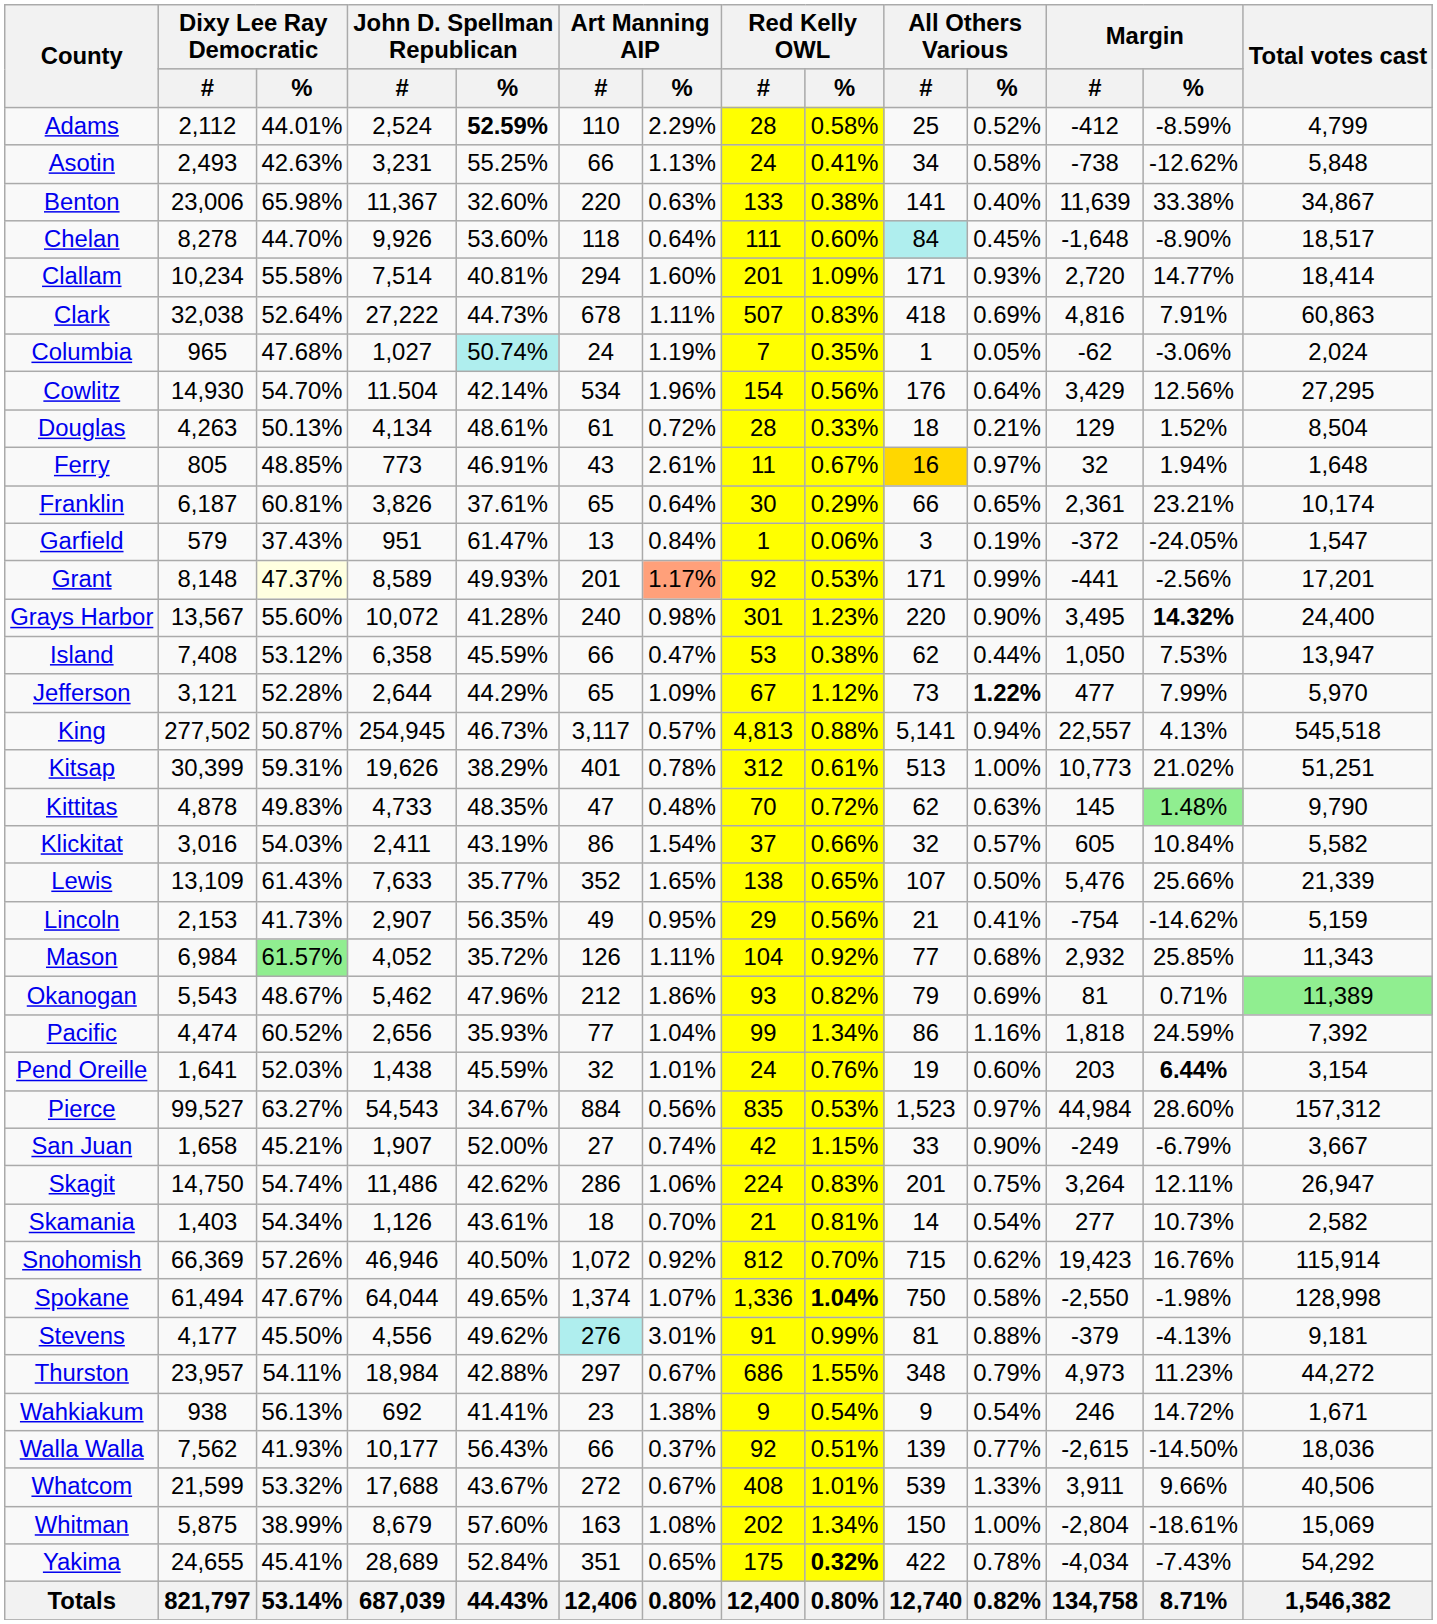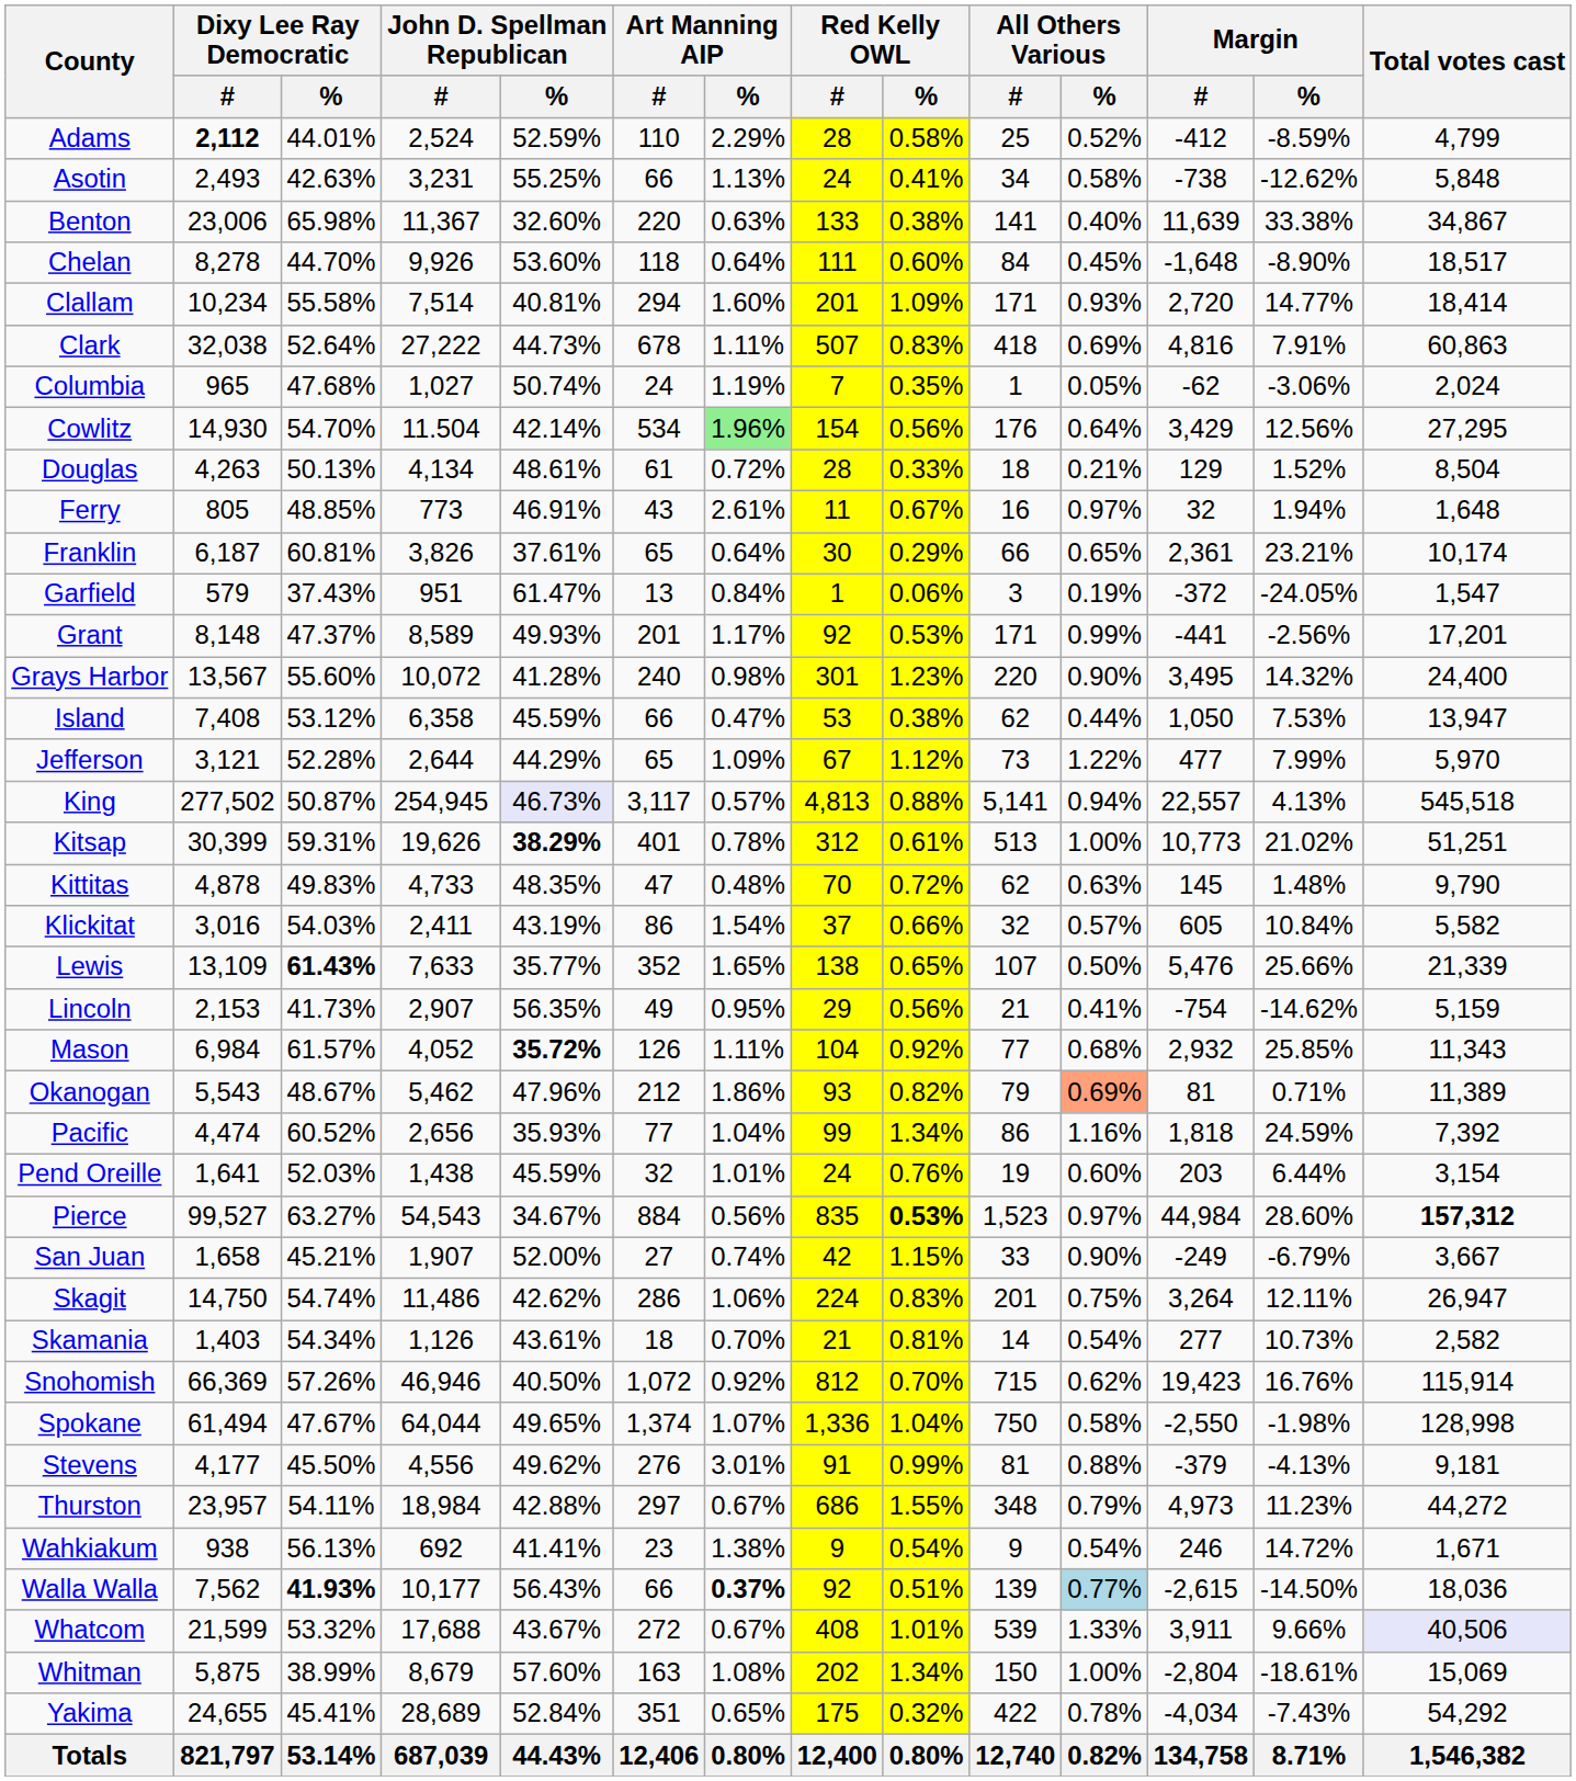 <table class="wikitable sortable">
 <tr>
 <th style="text-align:center;" rowspan="2">County</th>
 <th style="text-align:center;" colspan="2">Dixy Lee Ray<br>Democratic</th>
 <th style="text-align:center;" colspan="2">John D. Spellman<br>Republican</th>
 <th style="text-align:center;" colspan="2">Art Manning<br>AIP</th>
 <th style="text-align:center;" colspan="2">Red Kelly<br>OWL</th>
 <th style="text-align:center;" colspan="2">All Others<br>Various</th>
 <th style="text-align:center;" colspan="2">Margin</th>
 <th style="text-align:center;" rowspan="2">Total votes cast</th>
 </tr>
 <tr bgcolor="lightgrey">
 <th style="text-align:center;" data-sort-type="number">#</th>
 <th style="text-align:center;" data-sort-type="number">%</th>
 <th style="text-align:center;" data-sort-type="number">#</th>
 <th style="text-align:center;" data-sort-type="number">%</th>
 <th style="text-align:center;" data-sort-type="number">#</th>
 <th style="text-align:center;" data-sort-type="number">%</th>
 <th style="text-align:center;" data-sort-type="number">#</th>
 <th style="text-align:center;" data-sort-type="number">%</th>
 <th style="text-align:center;" data-sort-type="number">#</th>
 <th style="text-align:center;" data-sort-type="number">%</th>
 <th style="text-align:center;" data-sort-type="number">#</th>
 <th style="text-align:center;" data-sort-type="number">%</th>
 </tr>
 <tr style="text-align:center;">
 <td><a href='#'>Adams</a></td>
-<td>2,112</td>
+<td><strong>2,112</strong></td>
 <td>44.01%</td>
 <td>2,524</td>
-<td><strong>52.59%</strong></td>
+<td>52.59%</td>
 <td>110</td>
 <td>2.29%</td>
 <td bgcolor="yellow">28</td>
 <td bgcolor="yellow">0.58%</td>
 <td>25</td>
 <td>0.52%</td>
 <td>-412</td>
 <td>-8.59%</td>
 <td>4,799</td>
 </tr>
 <tr style="text-align:center;">
 <td><a href='#'>Asotin</a></td>
 <td>2,493</td>
 <td>42.63%</td>
 <td>3,231</td>
 <td>55.25%</td>
 <td>66</td>
 <td>1.13%</td>
 <td bgcolor="yellow">24</td>
 <td bgcolor="yellow">0.41%</td>
 <td>34</td>
 <td>0.58%</td>
 <td>-738</td>
 <td>-12.62%</td>
 <td>5,848</td>
 </tr>
 <tr style="text-align:center;">
 <td><a href='#'>Benton</a></td>
 <td>23,006</td>
 <td>65.98%</td>
 <td>11,367</td>
 <td>32.60%</td>
 <td>220</td>
 <td>0.63%</td>
 <td bgcolor="yellow">133</td>
 <td bgcolor="yellow">0.38%</td>
 <td>141</td>
 <td>0.40%</td>
 <td>11,639</td>
 <td>33.38%</td>
 <td>34,867</td>
 </tr>
 <tr style="text-align:center;">
 <td><a href='#'>Chelan</a></td>
 <td>8,278</td>
 <td>44.70%</td>
 <td>9,926</td>
 <td>53.60%</td>
 <td>118</td>
 <td>0.64%</td>
 <td bgcolor="yellow">111</td>
 <td bgcolor="yellow">0.60%</td>
-<td style="background: paleturquoise;">84</td>
+<td>84</td>
 <td>0.45%</td>
 <td>-1,648</td>
 <td>-8.90%</td>
 <td>18,517</td>
 </tr>
 <tr style="text-align:center;">
 <td><a href='#'>Clallam</a></td>
 <td>10,234</td>
 <td>55.58%</td>
 <td>7,514</td>
 <td>40.81%</td>
 <td>294</td>
 <td>1.60%</td>
 <td bgcolor="yellow">201</td>
 <td bgcolor="yellow">1.09%</td>
 <td>171</td>
 <td>0.93%</td>
 <td>2,720</td>
 <td>14.77%</td>
 <td>18,414</td>
 </tr>
 <tr style="text-align:center;">
 <td><a href='#'>Clark</a></td>
 <td>32,038</td>
 <td>52.64%</td>
 <td>27,222</td>
 <td>44.73%</td>
 <td>678</td>
 <td>1.11%</td>
 <td bgcolor="yellow">507</td>
 <td bgcolor="yellow">0.83%</td>
 <td>418</td>
 <td>0.69%</td>
 <td>4,816</td>
 <td>7.91%</td>
 <td>60,863</td>
 </tr>
 <tr style="text-align:center;">
 <td><a href='#'>Columbia</a></td>
 <td>965</td>
 <td>47.68%</td>
 <td>1,027</td>
-<td style="background: paleturquoise;">50.74%</td>
+<td>50.74%</td>
 <td>24</td>
 <td>1.19%</td>
 <td bgcolor="yellow">7</td>
 <td bgcolor="yellow">0.35%</td>
 <td>1</td>
 <td>0.05%</td>
 <td>-62</td>
 <td>-3.06%</td>
 <td>2,024</td>
 </tr>
 <tr style="text-align:center;">
 <td><a href='#'>Cowlitz</a></td>
 <td>14,930</td>
 <td>54.70%</td>
 <td>11.504</td>
 <td>42.14%</td>
 <td>534</td>
-<td>1.96%</td>
+<td style="background: lightgreen;">1.96%</td>
 <td bgcolor="yellow">154</td>
 <td bgcolor="yellow">0.56%</td>
 <td>176</td>
 <td>0.64%</td>
 <td>3,429</td>
 <td>12.56%</td>
 <td>27,295</td>
 </tr>
 <tr style="text-align:center;">
 <td><a href='#'>Douglas</a></td>
 <td>4,263</td>
 <td>50.13%</td>
 <td>4,134</td>
 <td>48.61%</td>
 <td>61</td>
 <td>0.72%</td>
 <td bgcolor="yellow">28</td>
 <td bgcolor="yellow">0.33%</td>
 <td>18</td>
 <td>0.21%</td>
 <td>129</td>
 <td>1.52%</td>
 <td>8,504</td>
 </tr>
 <tr style="text-align:center;">
 <td><a href='#'>Ferry</a></td>
 <td>805</td>
 <td>48.85%</td>
 <td>773</td>
 <td>46.91%</td>
 <td>43</td>
 <td>2.61%</td>
 <td bgcolor="yellow">11</td>
 <td bgcolor="yellow">0.67%</td>
-<td style="background: gold;">16</td>
+<td>16</td>
 <td>0.97%</td>
 <td>32</td>
 <td>1.94%</td>
 <td>1,648</td>
 </tr>
 <tr style="text-align:center;">
 <td><a href='#'>Franklin</a></td>
 <td>6,187</td>
 <td>60.81%</td>
 <td>3,826</td>
 <td>37.61%</td>
 <td>65</td>
 <td>0.64%</td>
 <td bgcolor="yellow">30</td>
 <td bgcolor="yellow">0.29%</td>
 <td>66</td>
 <td>0.65%</td>
 <td>2,361</td>
 <td>23.21%</td>
 <td>10,174</td>
 </tr>
 <tr style="text-align:center;">
 <td><a href='#'>Garfield</a></td>
 <td>579</td>
 <td>37.43%</td>
 <td>951</td>
 <td>61.47%</td>
 <td>13</td>
 <td>0.84%</td>
 <td bgcolor="yellow">1</td>
 <td bgcolor="yellow">0.06%</td>
 <td>3</td>
 <td>0.19%</td>
 <td>-372</td>
 <td>-24.05%</td>
 <td>1,547</td>
 </tr>
 <tr style="text-align:center;">
 <td><a href='#'>Grant</a></td>
 <td>8,148</td>
-<td style="background: lightyellow;">47.37%</td>
+<td>47.37%</td>
 <td>8,589</td>
 <td>49.93%</td>
 <td>201</td>
-<td style="background: lightsalmon;">1.17%</td>
+<td>1.17%</td>
 <td bgcolor="yellow">92</td>
 <td bgcolor="yellow">0.53%</td>
 <td>171</td>
 <td>0.99%</td>
 <td>-441</td>
 <td>-2.56%</td>
 <td>17,201</td>
 </tr>
 <tr style="text-align:center;">
 <td><a href='#'>Grays Harbor</a></td>
 <td>13,567</td>
 <td>55.60%</td>
 <td>10,072</td>
 <td>41.28%</td>
 <td>240</td>
 <td>0.98%</td>
 <td bgcolor="yellow">301</td>
 <td bgcolor="yellow">1.23%</td>
 <td>220</td>
 <td>0.90%</td>
 <td>3,495</td>
-<td><strong>14.32%</strong></td>
+<td>14.32%</td>
 <td>24,400</td>
 </tr>
 <tr style="text-align:center;">
 <td><a href='#'>Island</a></td>
 <td>7,408</td>
 <td>53.12%</td>
 <td>6,358</td>
 <td>45.59%</td>
 <td>66</td>
 <td>0.47%</td>
 <td bgcolor="yellow">53</td>
 <td bgcolor="yellow">0.38%</td>
 <td>62</td>
 <td>0.44%</td>
 <td>1,050</td>
 <td>7.53%</td>
 <td>13,947</td>
 </tr>
 <tr style="text-align:center;">
 <td><a href='#'>Jefferson</a></td>
 <td>3,121</td>
 <td>52.28%</td>
 <td>2,644</td>
 <td>44.29%</td>
 <td>65</td>
 <td>1.09%</td>
 <td bgcolor="yellow">67</td>
 <td bgcolor="yellow">1.12%</td>
 <td>73</td>
-<td><strong>1.22%</strong></td>
+<td>1.22%</td>
 <td>477</td>
 <td>7.99%</td>
 <td>5,970</td>
 </tr>
 <tr style="text-align:center;">
 <td><a href='#'>King</a></td>
 <td>277,502</td>
 <td>50.87%</td>
 <td>254,945</td>
-<td>46.73%</td>
+<td style="background: lavender;">46.73%</td>
 <td>3,117</td>
 <td>0.57%</td>
 <td bgcolor="yellow">4,813</td>
 <td bgcolor="yellow">0.88%</td>
 <td>5,141</td>
 <td>0.94%</td>
 <td>22,557</td>
 <td>4.13%</td>
 <td>545,518</td>
 </tr>
 <tr style="text-align:center;">
 <td><a href='#'>Kitsap</a></td>
 <td>30,399</td>
 <td>59.31%</td>
 <td>19,626</td>
-<td>38.29%</td>
+<td><strong>38.29%</strong></td>
 <td>401</td>
 <td>0.78%</td>
 <td bgcolor="yellow">312</td>
 <td bgcolor="yellow">0.61%</td>
 <td>513</td>
 <td>1.00%</td>
 <td>10,773</td>
 <td>21.02%</td>
 <td>51,251</td>
 </tr>
 <tr style="text-align:center;">
 <td><a href='#'>Kittitas</a></td>
 <td>4,878</td>
 <td>49.83%</td>
 <td>4,733</td>
 <td>48.35%</td>
 <td>47</td>
 <td>0.48%</td>
 <td bgcolor="yellow">70</td>
 <td bgcolor="yellow">0.72%</td>
 <td>62</td>
 <td>0.63%</td>
 <td>145</td>
-<td style="background: lightgreen;">1.48%</td>
+<td>1.48%</td>
 <td>9,790</td>
 </tr>
 <tr style="text-align:center;">
 <td><a href='#'>Klickitat</a></td>
 <td>3,016</td>
 <td>54.03%</td>
 <td>2,411</td>
 <td>43.19%</td>
 <td>86</td>
 <td>1.54%</td>
 <td bgcolor="yellow">37</td>
 <td bgcolor="yellow">0.66%</td>
 <td>32</td>
 <td>0.57%</td>
 <td>605</td>
 <td>10.84%</td>
 <td>5,582</td>
 </tr>
 <tr style="text-align:center;">
 <td><a href='#'>Lewis</a></td>
 <td>13,109</td>
-<td>61.43%</td>
+<td><strong>61.43%</strong></td>
 <td>7,633</td>
 <td>35.77%</td>
 <td>352</td>
 <td>1.65%</td>
 <td bgcolor="yellow">138</td>
 <td bgcolor="yellow">0.65%</td>
 <td>107</td>
 <td>0.50%</td>
 <td>5,476</td>
 <td>25.66%</td>
 <td>21,339</td>
 </tr>
 <tr style="text-align:center;">
 <td><a href='#'>Lincoln</a></td>
 <td>2,153</td>
 <td>41.73%</td>
 <td>2,907</td>
 <td>56.35%</td>
 <td>49</td>
 <td>0.95%</td>
 <td bgcolor="yellow">29</td>
 <td bgcolor="yellow">0.56%</td>
 <td>21</td>
 <td>0.41%</td>
 <td>-754</td>
 <td>-14.62%</td>
 <td>5,159</td>
 </tr>
 <tr style="text-align:center;">
 <td><a href='#'>Mason</a></td>
 <td>6,984</td>
-<td style="background: lightgreen;">61.57%</td>
+<td>61.57%</td>
 <td>4,052</td>
-<td>35.72%</td>
+<td><strong>35.72%</strong></td>
 <td>126</td>
 <td>1.11%</td>
 <td bgcolor="yellow">104</td>
 <td bgcolor="yellow">0.92%</td>
 <td>77</td>
 <td>0.68%</td>
 <td>2,932</td>
 <td>25.85%</td>
 <td>11,343</td>
 </tr>
 <tr style="text-align:center;">
 <td><a href='#'>Okanogan</a></td>
 <td>5,543</td>
 <td>48.67%</td>
 <td>5,462</td>
 <td>47.96%</td>
 <td>212</td>
 <td>1.86%</td>
 <td bgcolor="yellow">93</td>
 <td bgcolor="yellow">0.82%</td>
 <td>79</td>
-<td>0.69%</td>
+<td style="background: lightsalmon;">0.69%</td>
 <td>81</td>
 <td>0.71%</td>
-<td style="background: lightgreen;">11,389</td>
+<td>11,389</td>
 </tr>
 <tr style="text-align:center;">
 <td><a href='#'>Pacific</a></td>
 <td>4,474</td>
 <td>60.52%</td>
 <td>2,656</td>
 <td>35.93%</td>
 <td>77</td>
 <td>1.04%</td>
 <td bgcolor="yellow">99</td>
 <td bgcolor="yellow">1.34%</td>
 <td>86</td>
 <td>1.16%</td>
 <td>1,818</td>
 <td>24.59%</td>
 <td>7,392</td>
 </tr>
 <tr style="text-align:center;">
 <td><a href='#'>Pend Oreille</a></td>
 <td>1,641</td>
 <td>52.03%</td>
 <td>1,438</td>
 <td>45.59%</td>
 <td>32</td>
 <td>1.01%</td>
 <td bgcolor="yellow">24</td>
 <td bgcolor="yellow">0.76%</td>
 <td>19</td>
 <td>0.60%</td>
 <td>203</td>
-<td><strong>6.44%</strong></td>
+<td>6.44%</td>
 <td>3,154</td>
 </tr>
 <tr style="text-align:center;">
 <td><a href='#'>Pierce</a></td>
 <td>99,527</td>
 <td>63.27%</td>
 <td>54,543</td>
 <td>34.67%</td>
 <td>884</td>
 <td>0.56%</td>
 <td bgcolor="yellow">835</td>
-<td bgcolor="yellow">0.53%</td>
+<td bgcolor="yellow"><strong>0.53%</strong></td>
 <td>1,523</td>
 <td>0.97%</td>
 <td>44,984</td>
 <td>28.60%</td>
-<td>157,312</td>
+<td><strong>157,312</strong></td>
 </tr>
 <tr style="text-align:center;">
 <td><a href='#'>San Juan</a></td>
 <td>1,658</td>
 <td>45.21%</td>
 <td>1,907</td>
 <td>52.00%</td>
 <td>27</td>
 <td>0.74%</td>
 <td bgcolor="yellow">42</td>
 <td bgcolor="yellow">1.15%</td>
 <td>33</td>
 <td>0.90%</td>
 <td>-249</td>
 <td>-6.79%</td>
 <td>3,667</td>
 </tr>
 <tr style="text-align:center;">
 <td><a href='#'>Skagit</a></td>
 <td>14,750</td>
 <td>54.74%</td>
 <td>11,486</td>
 <td>42.62%</td>
 <td>286</td>
 <td>1.06%</td>
 <td bgcolor="yellow">224</td>
 <td bgcolor="yellow">0.83%</td>
 <td>201</td>
 <td>0.75%</td>
 <td>3,264</td>
 <td>12.11%</td>
 <td>26,947</td>
 </tr>
 <tr style="text-align:center;">
 <td><a href='#'>Skamania</a></td>
 <td>1,403</td>
 <td>54.34%</td>
 <td>1,126</td>
 <td>43.61%</td>
 <td>18</td>
 <td>0.70%</td>
 <td bgcolor="yellow">21</td>
 <td bgcolor="yellow">0.81%</td>
 <td>14</td>
 <td>0.54%</td>
 <td>277</td>
 <td>10.73%</td>
 <td>2,582</td>
 </tr>
 <tr style="text-align:center;">
 <td><a href='#'>Snohomish</a></td>
 <td>66,369</td>
 <td>57.26%</td>
 <td>46,946</td>
 <td>40.50%</td>
 <td>1,072</td>
 <td>0.92%</td>
 <td bgcolor="yellow">812</td>
 <td bgcolor="yellow">0.70%</td>
 <td>715</td>
 <td>0.62%</td>
 <td>19,423</td>
 <td>16.76%</td>
 <td>115,914</td>
 </tr>
 <tr style="text-align:center;">
 <td><a href='#'>Spokane</a></td>
 <td>61,494</td>
 <td>47.67%</td>
 <td>64,044</td>
 <td>49.65%</td>
 <td>1,374</td>
 <td>1.07%</td>
 <td bgcolor="yellow">1,336</td>
-<td bgcolor="yellow"><strong>1.04%</strong></td>
+<td bgcolor="yellow">1.04%</td>
 <td>750</td>
 <td>0.58%</td>
 <td>-2,550</td>
 <td>-1.98%</td>
 <td>128,998</td>
 </tr>
 <tr style="text-align:center;">
 <td><a href='#'>Stevens</a></td>
 <td>4,177</td>
 <td>45.50%</td>
 <td>4,556</td>
 <td>49.62%</td>
-<td style="background: paleturquoise;">276</td>
+<td>276</td>
 <td>3.01%</td>
 <td bgcolor="yellow">91</td>
 <td bgcolor="yellow">0.99%</td>
 <td>81</td>
 <td>0.88%</td>
 <td>-379</td>
 <td>-4.13%</td>
 <td>9,181</td>
 </tr>
 <tr style="text-align:center;">
 <td><a href='#'>Thurston</a></td>
 <td>23,957</td>
 <td>54.11%</td>
 <td>18,984</td>
 <td>42.88%</td>
 <td>297</td>
 <td>0.67%</td>
 <td bgcolor="yellow">686</td>
 <td bgcolor="yellow">1.55%</td>
 <td>348</td>
 <td>0.79%</td>
 <td>4,973</td>
 <td>11.23%</td>
 <td>44,272</td>
 </tr>
 <tr style="text-align:center;">
 <td><a href='#'>Wahkiakum</a></td>
 <td>938</td>
 <td>56.13%</td>
 <td>692</td>
 <td>41.41%</td>
 <td>23</td>
 <td>1.38%</td>
 <td bgcolor="yellow">9</td>
 <td bgcolor="yellow">0.54%</td>
 <td>9</td>
 <td>0.54%</td>
 <td>246</td>
 <td>14.72%</td>
 <td>1,671</td>
 </tr>
 <tr style="text-align:center;">
 <td><a href='#'>Walla Walla</a></td>
 <td>7,562</td>
-<td>41.93%</td>
+<td><strong>41.93%</strong></td>
 <td>10,177</td>
 <td>56.43%</td>
 <td>66</td>
-<td>0.37%</td>
+<td><strong>0.37%</strong></td>
 <td bgcolor="yellow">92</td>
 <td bgcolor="yellow">0.51%</td>
 <td>139</td>
-<td>0.77%</td>
+<td style="background: lightblue;">0.77%</td>
 <td>-2,615</td>
 <td>-14.50%</td>
 <td>18,036</td>
 </tr>
 <tr style="text-align:center;">
 <td><a href='#'>Whatcom</a></td>
 <td>21,599</td>
 <td>53.32%</td>
 <td>17,688</td>
 <td>43.67%</td>
 <td>272</td>
 <td>0.67%</td>
 <td bgcolor="yellow">408</td>
 <td bgcolor="yellow">1.01%</td>
 <td>539</td>
 <td>1.33%</td>
 <td>3,911</td>
 <td>9.66%</td>
-<td>40,506</td>
+<td style="background: lavender;">40,506</td>
 </tr>
 <tr style="text-align:center;">
 <td><a href='#'>Whitman</a></td>
 <td>5,875</td>
 <td>38.99%</td>
 <td>8,679</td>
 <td>57.60%</td>
 <td>163</td>
 <td>1.08%</td>
 <td bgcolor="yellow">202</td>
 <td bgcolor="yellow">1.34%</td>
 <td>150</td>
 <td>1.00%</td>
 <td>-2,804</td>
 <td>-18.61%</td>
 <td>15,069</td>
 </tr>
 <tr style="text-align:center;">
 <td><a href='#'>Yakima</a></td>
 <td>24,655</td>
 <td>45.41%</td>
 <td>28,689</td>
 <td>52.84%</td>
 <td>351</td>
 <td>0.65%</td>
 <td bgcolor="yellow">175</td>
-<td bgcolor="yellow"><strong>0.32%</strong></td>
+<td bgcolor="yellow">0.32%</td>
 <td>422</td>
 <td>0.78%</td>
 <td>-4,034</td>
 <td>-7.43%</td>
 <td>54,292</td>
 </tr>
 <tr>
 <th>Totals</th>
 <th>821,797</th>
 <th>53.14%</th>
 <th>687,039</th>
 <th>44.43%</th>
 <th>12,406</th>
 <th>0.80%</th>
 <th>12,400</th>
 <th>0.80%</th>
 <th>12,740</th>
 <th>0.82%</th>
 <th>134,758</th>
 <th>8.71%</th>
 <th>1,546,382</th>
 </tr>
 </table>
